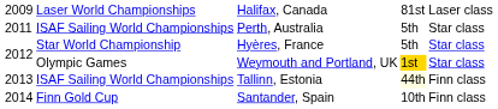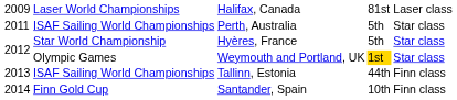 <table>
 <tr>
 <td>2009</td>
 <td><a href='#'>Laser World Championships</a></td>
 <td><a href='#'>Halifax</a>, Canada</td>
 <td>81st</td>
 <td>Laser class</td>
 </tr>
 <tr>
 <td>2011</td>
 <td><a href='#'>ISAF Sailing World Championships</a></td>
 <td><a href='#'>Perth</a>, Australia</td>
 <td>5th</td>
 <td>Star class</td>
 </tr>
 <tr>
 <td rowspan=2>2012</td>
 <td><a href='#'>Star World Championship</a></td>
 <td><a href='#'>Hyères</a>, France</td>
 <td>5th</td>
 <td><a href='#'>Star class</a></td>
 </tr>
 <tr>
 <td>Olympic Games</td>
 <td><a href='#'>Weymouth and Portland</a>, UK</td>
 <td style="background:gold;">1st</td>
 <td><a href='#'>Star class</a></td>
 </tr>
 <tr>
 <td>2013</td>
 <td><a href='#'>ISAF Sailing World Championships</a></td>
 <td><a href='#'>Tallinn</a>, Estonia</td>
-<td style="background: lightyellow;">44th</td>
+<td>44th</td>
 <td>Finn class</td>
 </tr>
 <tr>
 <td>2014</td>
 <td><a href='#'>Finn Gold Cup</a></td>
 <td><a href='#'>Santander</a>, Spain</td>
 <td>10th</td>
 <td>Finn class</td>
 </tr>
 </table>
